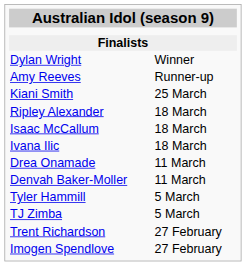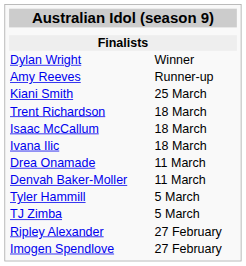 <table class=infobox style=width:19em>
 <tr>
 <td colspan=2 style="background:#cccccc; text-align:center"><big><strong>Australian Idol (season 9)</strong></big></td>
 </tr>
 <tr>
 <td colspan=2 align="center"></td>
 </tr>
 <tr>
 <td colspan=2 align="center"></td>
 </tr>
 <tr>
 <td colspan=2 style="background:#eeeeee; text-align:center"><strong>Finalists</strong><br></td>
 </tr>
 <tr>
 <td><a href='#'>Dylan Wright</a></td>
 <td>Winner</td>
 </tr>
 <tr>
 <td><a href='#'>Amy Reeves</a></td>
 <td>Runner-up</td>
 </tr>
 <tr>
 <td><a href='#'>Kiani Smith</a></td>
 <td>25 March</td>
 </tr>
 <tr>
-<td><a href='#'>Ripley Alexander</a></td>
+<td><a href='#'>Trent Richardson</a></td>
 <td>18 March</td>
 </tr>
 <tr>
 <td><a href='#'>Isaac McCallum</a></td>
 <td>18 March</td>
 </tr>
 <tr>
 <td><a href='#'>Ivana Ilic</a></td>
 <td>18 March</td>
 </tr>
 <tr>
 <td><a href='#'>Drea Onamade</a></td>
 <td>11 March</td>
 </tr>
 <tr>
 <td><a href='#'>Denvah Baker-Moller</a></td>
 <td>11 March</td>
 </tr>
 <tr>
 <td><a href='#'>Tyler Hammill</a></td>
 <td>5 March</td>
 </tr>
 <tr>
 <td><a href='#'>TJ Zimba</a></td>
 <td>5 March</td>
 </tr>
 <tr>
-<td><a href='#'>Trent Richardson</a></td>
+<td><a href='#'>Ripley Alexander</a></td>
 <td>27 February</td>
 </tr>
 <tr>
 <td><a href='#'>Imogen Spendlove</a></td>
 <td>27 February</td>
 </tr>
 </table>
